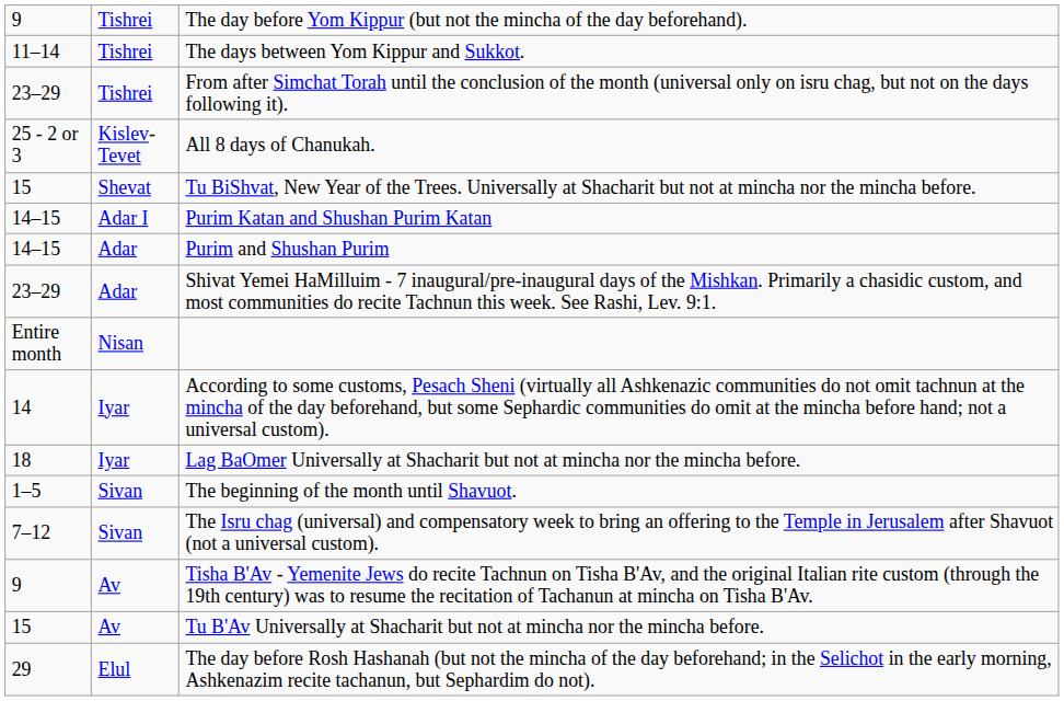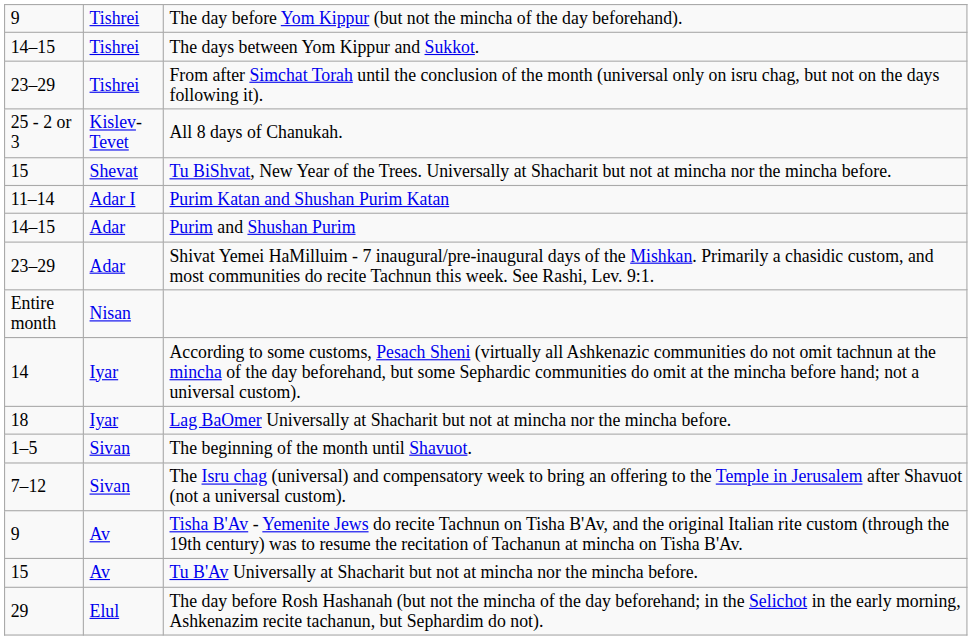 <table class= wikitable>
 <tr>
 <td style= "padding-left:5px;">9</td>
 <td style= "padding-left:5px;"><a href='#'>Tishrei</a></td>
 <td style= "padding-left:5px;">The day before <a href='#'>Yom Kippur</a> (but not the mincha of the day beforehand).</td>
 </tr>
 <tr>
-<td style= "padding-left:5px;">11–14</td>
+<td style= "padding-left:5px;">14–15</td>
 <td style= "padding-left:5px;"><a href='#'>Tishrei</a></td>
 <td style= "padding-left:5px;">The days between Yom Kippur and <a href='#'>Sukkot</a>.</td>
 </tr>
 <tr>
 <td style= "padding-left:5px;">23–29</td>
 <td style= "padding-left:5px;"><a href='#'>Tishrei</a></td>
 <td style= "padding-left:5px;">From after <a href='#'>Simchat Torah</a> until the conclusion of the month (universal only on isru chag, but not on the days following it).</td>
 </tr>
 <tr>
 <td style= "padding-left:5px;">25 - 2 or 3</td>
 <td style= "padding-left:5px;"><a href='#'>Kislev</a>-<a href='#'>Tevet</a></td>
 <td style= "padding-left:5px;">All 8 days of Chanukah.</td>
 </tr>
 <tr>
 <td style= "padding-left:5px;">15</td>
 <td style= "padding-left:5px;"><a href='#'>Shevat</a></td>
 <td style= "padding-left:5px;"><a href='#'>Tu BiShvat</a>, New Year of the Trees. Universally at Shacharit but not at mincha nor the mincha before.</td>
 </tr>
 <tr>
-<td style= "padding-left:5px;">14–15</td>
+<td style= "padding-left:5px;">11–14</td>
 <td style= "padding-left:5px;"><a href='#'>Adar I</a></td>
 <td style= "padding-left:5px;"><a href='#'>Purim Katan and Shushan Purim Katan</a></td>
 </tr>
 <tr>
 <td style= "padding-left:5px;">14–15</td>
 <td style= "padding-left:5px;"><a href='#'>Adar</a></td>
 <td style= "padding-left:5px;"><a href='#'>Purim</a> and <a href='#'>Shushan Purim</a></td>
 </tr>
 <tr>
 <td style= "padding-left:5px;">23–29</td>
 <td style= "padding-left:5px;"><a href='#'>Adar</a></td>
 <td style= "padding-left:5px;">Shivat Yemei HaMilluim - 7 inaugural/pre-inaugural days of the <a href='#'>Mishkan</a>. Primarily a chasidic custom, and most communities do recite Tachnun this week. See Rashi, Lev. 9:1.</td>
 </tr>
 <tr>
 <td style= "padding-left:5px; padding-right:5px;">Entire month</td>
 <td style= "padding-left:5px;"><a href='#'>Nisan</a></td>
 </tr>
 <tr>
 <td style= "padding-left:5px;">14</td>
 <td style= "padding-left:5px;"><a href='#'>Iyar</a></td>
 <td style= "padding-left:5px;">According to some customs, <a href='#'>Pesach Sheni</a> (virtually all Ashkenazic communities do not omit tachnun at the <a href='#'>mincha</a> of the day beforehand, but some Sephardic communities do omit at the mincha before hand; not a universal custom).</td>
 </tr>
 <tr>
 <td style= "padding-left:5px;">18</td>
 <td style= "padding-left:5px;"><a href='#'>Iyar</a></td>
 <td style= "padding-left:5px;"><a href='#'>Lag BaOmer</a> Universally at Shacharit but not at mincha nor the mincha before.</td>
 </tr>
 <tr>
 <td style= "padding-left:5px;">1–5</td>
 <td style= "padding-left:5px;"><a href='#'>Sivan</a></td>
 <td style= "padding-left:5px;">The beginning of the month until <a href='#'>Shavuot</a>.</td>
 </tr>
 <tr>
 <td style= "padding-left:5px;">7–12</td>
 <td style= "padding-left:5px;"><a href='#'>Sivan</a></td>
 <td style= "padding-left:5px;">The <a href='#'>Isru chag</a> (universal) and compensatory week to bring an offering to the <a href='#'>Temple in Jerusalem</a> after Shavuot (not a universal custom).</td>
 </tr>
 <tr>
 <td style= "padding-left:5px;">9</td>
 <td style= "padding-left:5px;"><a href='#'>Av</a></td>
 <td style= "padding-left:5px;"><a href='#'>Tisha B'Av</a> - <a href='#'>Yemenite Jews</a> do recite Tachnun on Tisha B'Av, and the original Italian rite custom (through the 19th century) was to resume the recitation of Tachanun at mincha on Tisha B'Av.</td>
 </tr>
 <tr>
 <td style= "padding-left:5px;">15</td>
 <td style= "padding-left:5px;"><a href='#'>Av</a></td>
 <td style= "padding-left:5px;"><a href='#'>Tu B'Av</a> Universally at Shacharit but not at mincha nor the mincha before.</td>
 </tr>
 <tr>
 <td style= "padding-left:5px;">29</td>
 <td style= "padding-left:5px;"><a href='#'>Elul</a></td>
 <td style= "padding-left:5px;">The day before Rosh Hashanah (but not the mincha of the day beforehand; in the <a href='#'>Selichot</a> in the early morning, Ashkenazim recite tachanun, but Sephardim do not).</td>
 </tr>
 </table>
